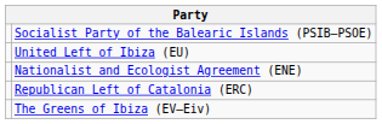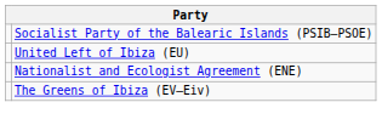 <table class="wikitable" style="text-align:left;">
 <tr>
 <th colspan="2">Party</th>
 </tr>
 <tr>
 <td width="1"></td>
 <td><a href='#'>Socialist Party of the Balearic Islands</a> (PSIB–PSOE)</td>
 </tr>
 <tr>
 <td></td>
 <td><a href='#'>United Left of Ibiza</a> (EU)</td>
 </tr>
 <tr>
 <td></td>
 <td><a href='#'>Nationalist and Ecologist Agreement</a> (ENE)</td>
 </tr>
 <tr>
 <td></td>
-<td><a href='#'>Republican Left of Catalonia</a> (ERC)</td>
-</tr>
-<tr>
-<td></td>
 <td><a href='#'>The Greens of Ibiza</a> (EV–Eiv) </td>
 </tr>
 </table>
